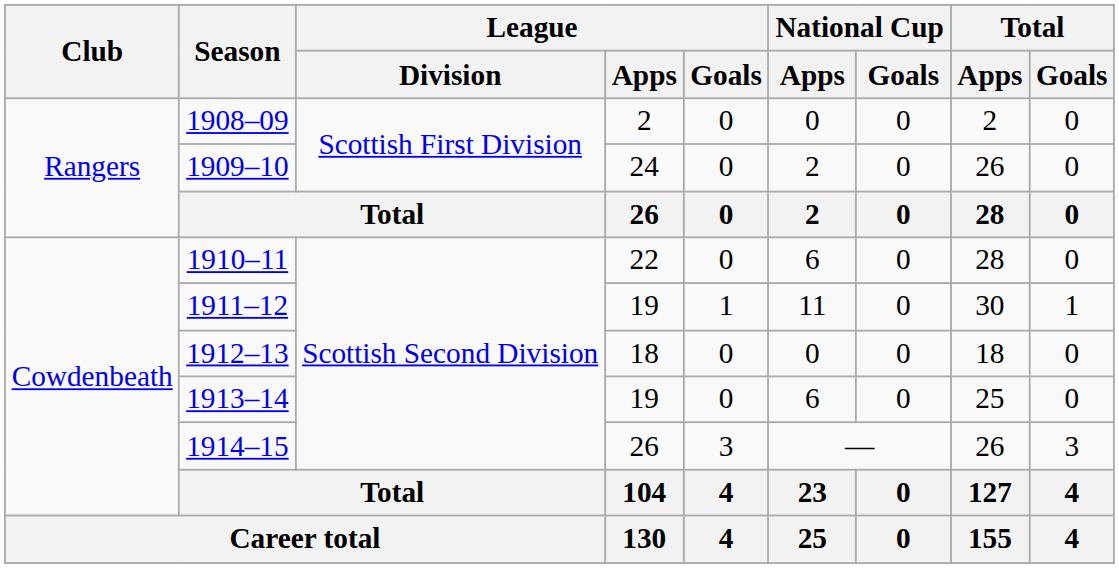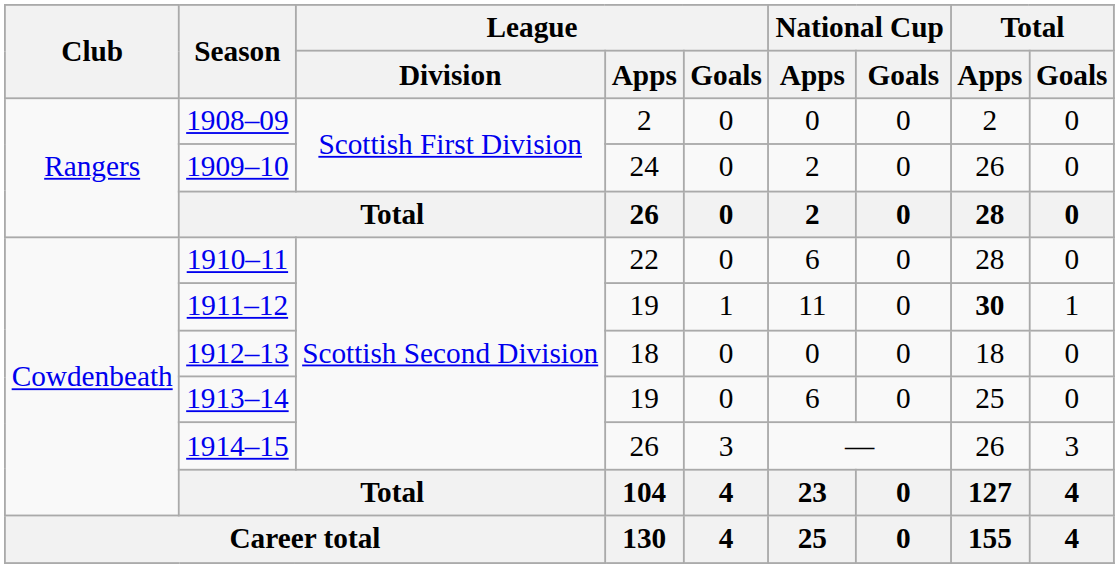 <table class="wikitable" style="text-align: center">
 <tr>
 <th rowspan="2">Club</th>
 <th rowspan="2">Season</th>
 <th colspan="3">League</th>
 <th colspan="2">National Cup</th>
 <th colspan="2">Total</th>
 </tr>
 <tr>
 <th>Division</th>
 <th>Apps</th>
 <th>Goals</th>
 <th>Apps</th>
 <th>Goals</th>
 <th>Apps</th>
 <th>Goals</th>
 </tr>
 <tr>
 <td rowspan="3"><a href='#'>Rangers</a></td>
 <td><a href='#'>1908–09</a></td>
 <td rowspan="2"><a href='#'>Scottish First Division</a></td>
 <td>2</td>
 <td>0</td>
 <td>0</td>
 <td>0</td>
 <td>2</td>
 <td>0</td>
 </tr>
 <tr>
 <td><a href='#'>1909–10</a></td>
 <td>24</td>
 <td>0</td>
 <td>2</td>
 <td>0</td>
 <td>26</td>
 <td>0</td>
 </tr>
 <tr>
 <th colspan="2">Total</th>
 <th>26</th>
 <th>0</th>
 <th>2</th>
 <th>0</th>
 <th>28</th>
 <th>0</th>
 </tr>
 <tr>
 <td rowspan="6"><a href='#'>Cowdenbeath</a></td>
 <td><a href='#'>1910–11</a></td>
 <td rowspan="5"><a href='#'>Scottish Second Division</a></td>
 <td>22</td>
 <td>0</td>
 <td>6</td>
 <td>0</td>
 <td>28</td>
 <td>0</td>
 </tr>
 <tr>
 <td><a href='#'>1911–12</a></td>
 <td>19</td>
 <td>1</td>
 <td>11</td>
 <td>0</td>
-<td>30</td>
+<td><strong>30</strong></td>
 <td>1</td>
 </tr>
 <tr>
 <td><a href='#'>1912–13</a></td>
 <td>18</td>
 <td>0</td>
 <td>0</td>
 <td>0</td>
 <td>18</td>
 <td>0</td>
 </tr>
 <tr>
 <td><a href='#'>1913–14</a></td>
 <td>19</td>
 <td>0</td>
 <td>6</td>
 <td>0</td>
 <td>25</td>
 <td>0</td>
 </tr>
 <tr>
 <td><a href='#'>1914–15</a></td>
 <td>26</td>
 <td>3</td>
 <td colspan="2">—</td>
 <td>26</td>
 <td>3</td>
 </tr>
 <tr>
 <th colspan="2">Total</th>
 <th>104</th>
 <th>4</th>
 <th>23</th>
 <th>0</th>
 <th>127</th>
 <th>4</th>
 </tr>
 <tr>
 <th colspan="3">Career total</th>
 <th>130</th>
 <th>4</th>
 <th>25</th>
 <th>0</th>
 <th>155</th>
 <th>4</th>
 </tr>
 </table>
